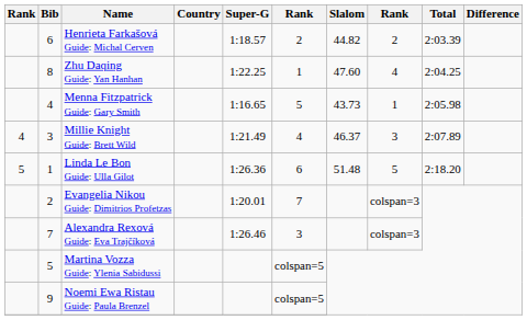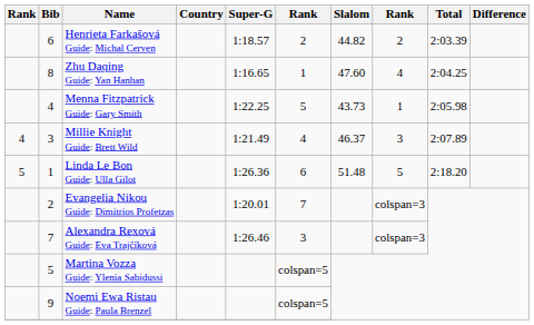 <table class="wikitable sortable" style="text-align:center">
 <tr>
 <th>Rank</th>
 <th>Bib</th>
 <th>Name</th>
 <th>Country</th>
 <th>Super-G</th>
 <th>Rank</th>
 <th>Slalom</th>
 <th>Rank</th>
 <th>Total</th>
 <th>Difference</th>
 </tr>
 <tr>
 <td></td>
 <td>6</td>
 <td align="left"><a href='#'>Henrieta Farkašová</a><br><small><a href='#'>Guide</a>: <a href='#'>Michal Cerven</a> </small></td>
 <td align="left"></td>
 <td>1:18.57</td>
 <td>2</td>
 <td>44.82</td>
 <td>2</td>
 <td>2:03.39</td>
 <td></td>
 </tr>
 <tr>
 <td></td>
 <td>8</td>
 <td align="left"><a href='#'>Zhu Daqing</a><br><small><a href='#'>Guide</a>: <a href='#'>Yan Hanhan</a> </small></td>
 <td align="left"></td>
-<td>1:22.25</td>
+<td>1:16.65</td>
 <td>1</td>
 <td>47.60</td>
 <td>4</td>
 <td>2:04.25</td>
 <td></td>
 </tr>
 <tr>
 <td></td>
 <td>4</td>
 <td align="left"><a href='#'>Menna Fitzpatrick</a><br><small><a href='#'>Guide</a>: <a href='#'>Gary Smith</a> </small></td>
 <td align="left"></td>
-<td>1:16.65</td>
+<td>1:22.25</td>
 <td>5</td>
 <td>43.73</td>
 <td>1</td>
 <td>2:05.98</td>
 <td></td>
 </tr>
 <tr>
 <td>4</td>
 <td>3</td>
 <td align="left"><a href='#'>Millie Knight</a><br><small><a href='#'>Guide</a>: <a href='#'>Brett Wild</a> </small></td>
 <td align="left"></td>
 <td>1:21.49</td>
 <td>4</td>
 <td>46.37</td>
 <td>3</td>
 <td>2:07.89</td>
 <td></td>
 </tr>
 <tr>
 <td>5</td>
 <td>1</td>
 <td align="left"><a href='#'>Linda Le Bon</a><br><small><a href='#'>Guide</a>: <a href='#'>Ulla Gilot</a> </small></td>
 <td align="left"></td>
 <td>1:26.36</td>
 <td>6</td>
 <td>51.48</td>
 <td>5</td>
 <td>2:18.20</td>
 <td></td>
 </tr>
 <tr>
 <td></td>
 <td>2</td>
 <td align="left"><a href='#'>Evangelia Nikou</a><br><small><a href='#'>Guide</a>: <a href='#'>Dimitrios Profetzas</a> </small></td>
 <td align="left"></td>
 <td>1:20.01</td>
 <td>7</td>
 <td></td>
 <td>colspan=3 </td>
 </tr>
 <tr>
 <td></td>
 <td>7</td>
 <td align="left"><a href='#'>Alexandra Rexová</a><br><small><a href='#'>Guide</a>: <a href='#'>Eva Trajčíková</a> </small></td>
 <td align="left"></td>
 <td>1:26.46</td>
 <td>3</td>
 <td></td>
 <td>colspan=3 </td>
 </tr>
 <tr>
 <td></td>
 <td>5</td>
 <td align="left"><a href='#'>Martina Vozza</a><br><small><a href='#'>Guide</a>: <a href='#'>Ylenia Sabidussi</a> </small></td>
 <td align="left"></td>
 <td></td>
 <td>colspan=5 </td>
 </tr>
 <tr>
 <td></td>
 <td>9</td>
 <td align="left"><a href='#'>Noemi Ewa Ristau</a><br><small><a href='#'>Guide</a>: <a href='#'>Paula Brenzel</a> </small></td>
 <td align="left"></td>
 <td></td>
 <td>colspan=5 </td>
 </tr>
 <tr>
 </tr>
 </table>
